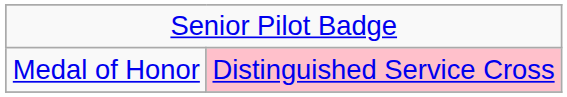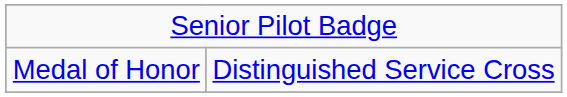 <table class="wikitable" style="margin-left: auto; margin-right: auto; text-align: center; margin-bottom: -1px;">
 <tr>
 <td colspan="7"><a href='#'>Senior Pilot Badge</a></td>
 </tr>
 <tr>
 <td><a href='#'>Medal of Honor</a></td>
-<td style="background: pink;"><a href='#'>Distinguished Service Cross</a></td>
+<td><a href='#'>Distinguished Service Cross</a></td>
 </tr>
 </table>
